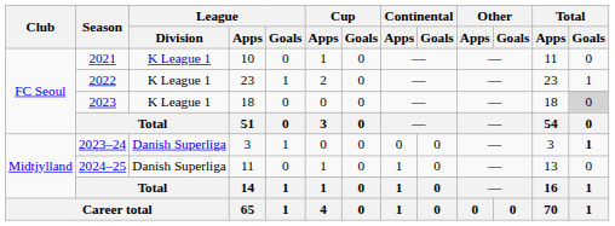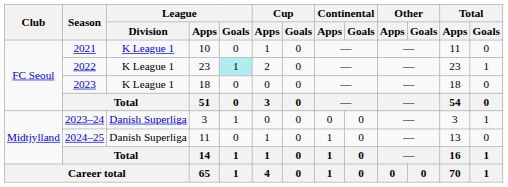 <table class="wikitable" style="text-align: center">
 <tr>
 <th rowspan="2">Club</th>
 <th rowspan="2">Season</th>
 <th colspan="3">League</th>
 <th colspan="2">Cup</th>
 <th colspan="2">Continental</th>
 <th colspan="2">Other</th>
 <th colspan="2">Total</th>
 </tr>
 <tr>
 <th>Division</th>
 <th>Apps</th>
 <th>Goals</th>
 <th>Apps</th>
 <th>Goals</th>
 <th>Apps</th>
 <th>Goals</th>
 <th>Apps</th>
 <th>Goals</th>
 <th>Apps</th>
 <th>Goals</th>
 </tr>
 <tr>
 <td rowspan="4"><a href='#'>FC Seoul</a></td>
 <td><a href='#'>2021</a></td>
 <td><a href='#'>K League 1</a></td>
 <td>10</td>
 <td>0</td>
 <td>1</td>
 <td>0</td>
 <td colspan="2">—</td>
 <td colspan="2">—</td>
 <td>11</td>
 <td>0</td>
 </tr>
 <tr>
 <td><a href='#'>2022</a></td>
 <td>K League 1</td>
 <td>23</td>
-<td>1</td>
+<td style="background: paleturquoise;">1</td>
 <td>2</td>
 <td>0</td>
 <td colspan="2">—</td>
 <td colspan="2">—</td>
 <td>23</td>
 <td>1</td>
 </tr>
 <tr>
 <td><a href='#'>2023</a></td>
 <td>K League 1</td>
 <td>18</td>
 <td>0</td>
 <td>0</td>
 <td>0</td>
 <td colspan="2">—</td>
 <td colspan="2">—</td>
 <td>18</td>
-<td style="background: lightgrey;">0</td>
+<td>0</td>
 </tr>
 <tr>
 <th colspan=2>Total</th>
 <th>51</th>
 <th>0</th>
 <th>3</th>
 <th>0</th>
 <th colspan=2>—</th>
 <th colspan=2>—</th>
 <th>54</th>
 <th>0</th>
 </tr>
 <tr>
 <td rowspan="3"><a href='#'>Midtjylland</a></td>
 <td><a href='#'>2023–24</a></td>
 <td><a href='#'>Danish Superliga</a></td>
 <td>3</td>
 <td>1</td>
 <td>0</td>
 <td>0</td>
 <td>0</td>
 <td>0</td>
 <td colspan="2">—</td>
 <td>3</td>
-<td><strong>1</strong></td>
+<td>1</td>
 </tr>
 <tr>
 <td><a href='#'>2024–25</a></td>
 <td>Danish Superliga</td>
 <td>11</td>
 <td>0</td>
 <td>1</td>
 <td>0</td>
 <td>1</td>
 <td>0</td>
 <td colspan="2">—</td>
 <td>13</td>
 <td>0</td>
 </tr>
 <tr>
 <th colspan="2">Total</th>
 <th>14</th>
 <th>1</th>
 <th>1</th>
 <th>0</th>
 <th>1</th>
 <th>0</th>
 <th colspan="2">—</th>
 <th>16</th>
 <th>1</th>
 </tr>
 <tr>
 <th colspan="3">Career total</th>
 <th>65</th>
 <th>1</th>
 <th>4</th>
 <th>0</th>
 <th>1</th>
 <th>0</th>
 <th>0</th>
 <th>0</th>
 <th>70</th>
 <th>1</th>
 </tr>
 </table>
